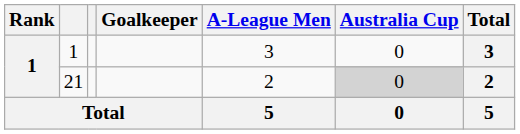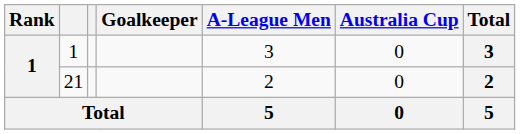 <table class="wikitable" style="text-align:center">
 <tr>
 <th>Rank</th>
 <th></th>
 <th></th>
 <th>Goalkeeper</th>
 <th><a href='#'>A-League Men</a></th>
 <th><a href='#'>Australia Cup</a></th>
 <th>Total</th>
 </tr>
 <tr>
 <th rowspan="2">1</th>
 <td>1</td>
 <td></td>
 <td align="left"></td>
 <td>3</td>
 <td>0</td>
 <th>3</th>
 </tr>
 <tr>
 <td>21</td>
 <td></td>
 <td align="left"></td>
 <td>2</td>
-<td style="background: lightgrey;">0</td>
+<td>0</td>
 <th>2</th>
 </tr>
 <tr>
 <th colspan="4">Total</th>
 <th>5</th>
 <th>0</th>
 <th>5</th>
 </tr>
 </table>
